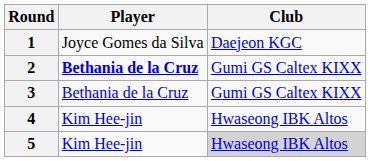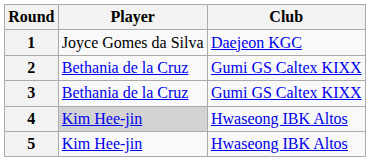 <table class=wikitable>
 <tr>
 <th>Round</th>
 <th>Player</th>
 <th>Club</th>
 </tr>
 <tr>
 <th>1</th>
 <td> Joyce Gomes da Silva</td>
 <td><a href='#'>Daejeon KGC</a></td>
 </tr>
 <tr>
 <th>2</th>
-<td><strong> <a href='#'>Bethania de la Cruz</a></strong></td>
+<td> <a href='#'>Bethania de la Cruz</a></td>
 <td><a href='#'>Gumi GS Caltex KIXX</a></td>
 </tr>
 <tr>
 <th>3</th>
 <td> <a href='#'>Bethania de la Cruz</a></td>
 <td><a href='#'>Gumi GS Caltex KIXX</a></td>
 </tr>
 <tr>
 <th>4</th>
-<td> <a href='#'>Kim Hee-jin</a></td>
+<td style="background: lightgrey;"> <a href='#'>Kim Hee-jin</a></td>
 <td><a href='#'>Hwaseong IBK Altos</a></td>
 </tr>
 <tr>
 <th>5</th>
 <td> <a href='#'>Kim Hee-jin</a></td>
-<td style="background: lightgrey;"><a href='#'>Hwaseong IBK Altos</a></td>
+<td><a href='#'>Hwaseong IBK Altos</a></td>
 </tr>
 <tr>
 </tr>
 </table>
